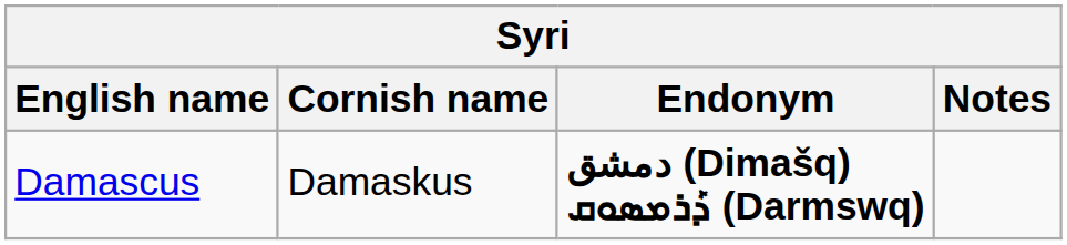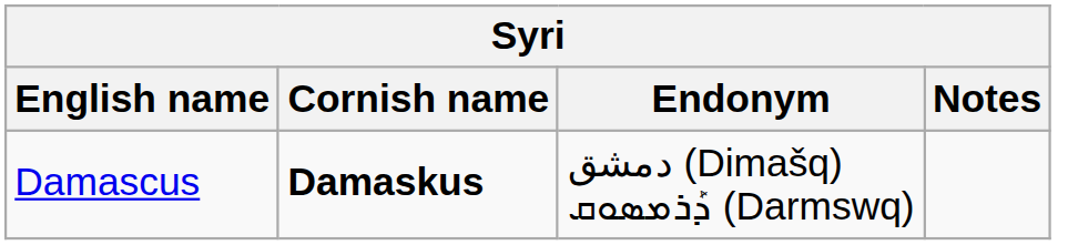 <table class="wikitable sortable">
 <tr>
 <th colspan="24"> Syri</th>
 </tr>
 <tr>
 <th>English name</th>
 <th>Cornish name</th>
 <th>Endonym</th>
 <th>Notes</th>
 </tr>
 <tr>
 <td><a href='#'>Damascus</a></td>
-<td>Damaskus</td>
-<td><strong>دمشق (Dimašq)<br>ܕܰܪܡܣܘܩ (Darmswq)</strong></td>
+<td><strong>Damaskus</strong></td>
+<td>دمشق (Dimašq)<br>ܕܰܪܡܣܘܩ (Darmswq)</td>
 <td></td>
 </tr>
 </table>
